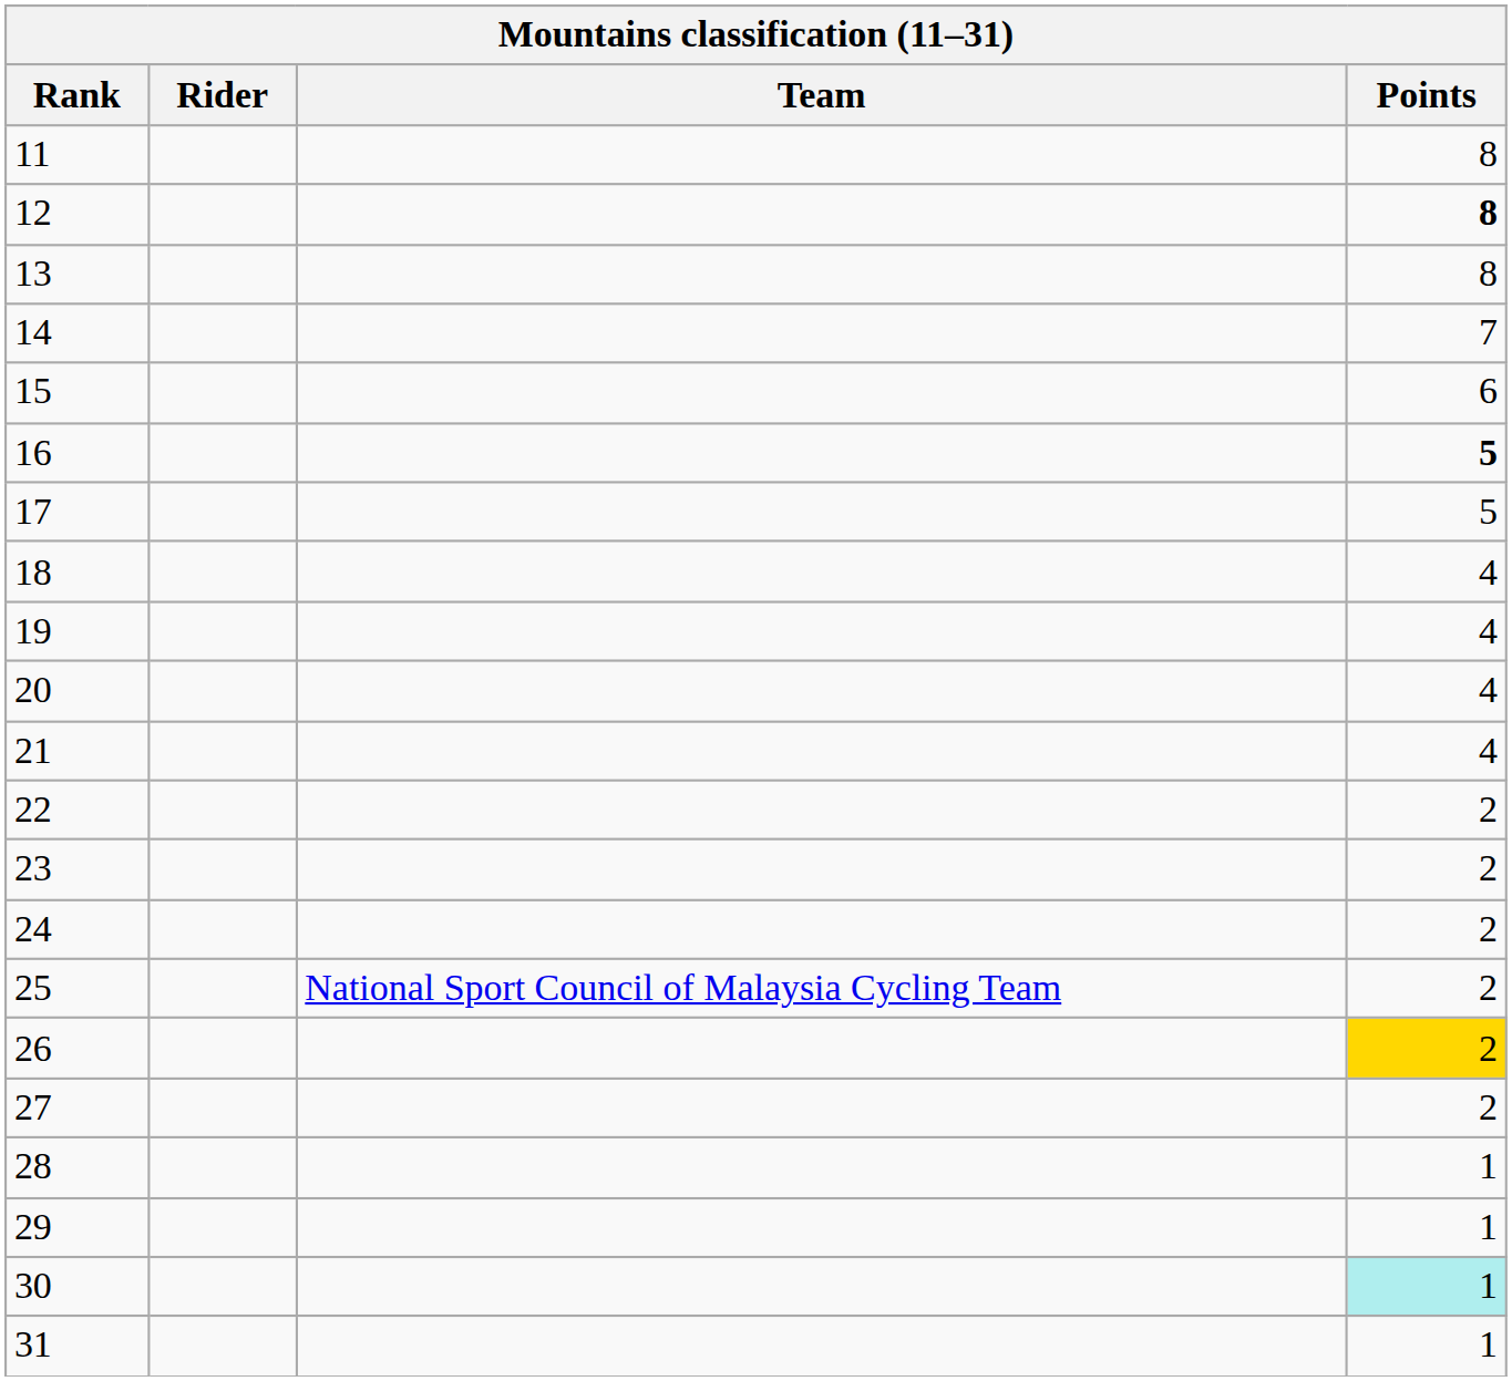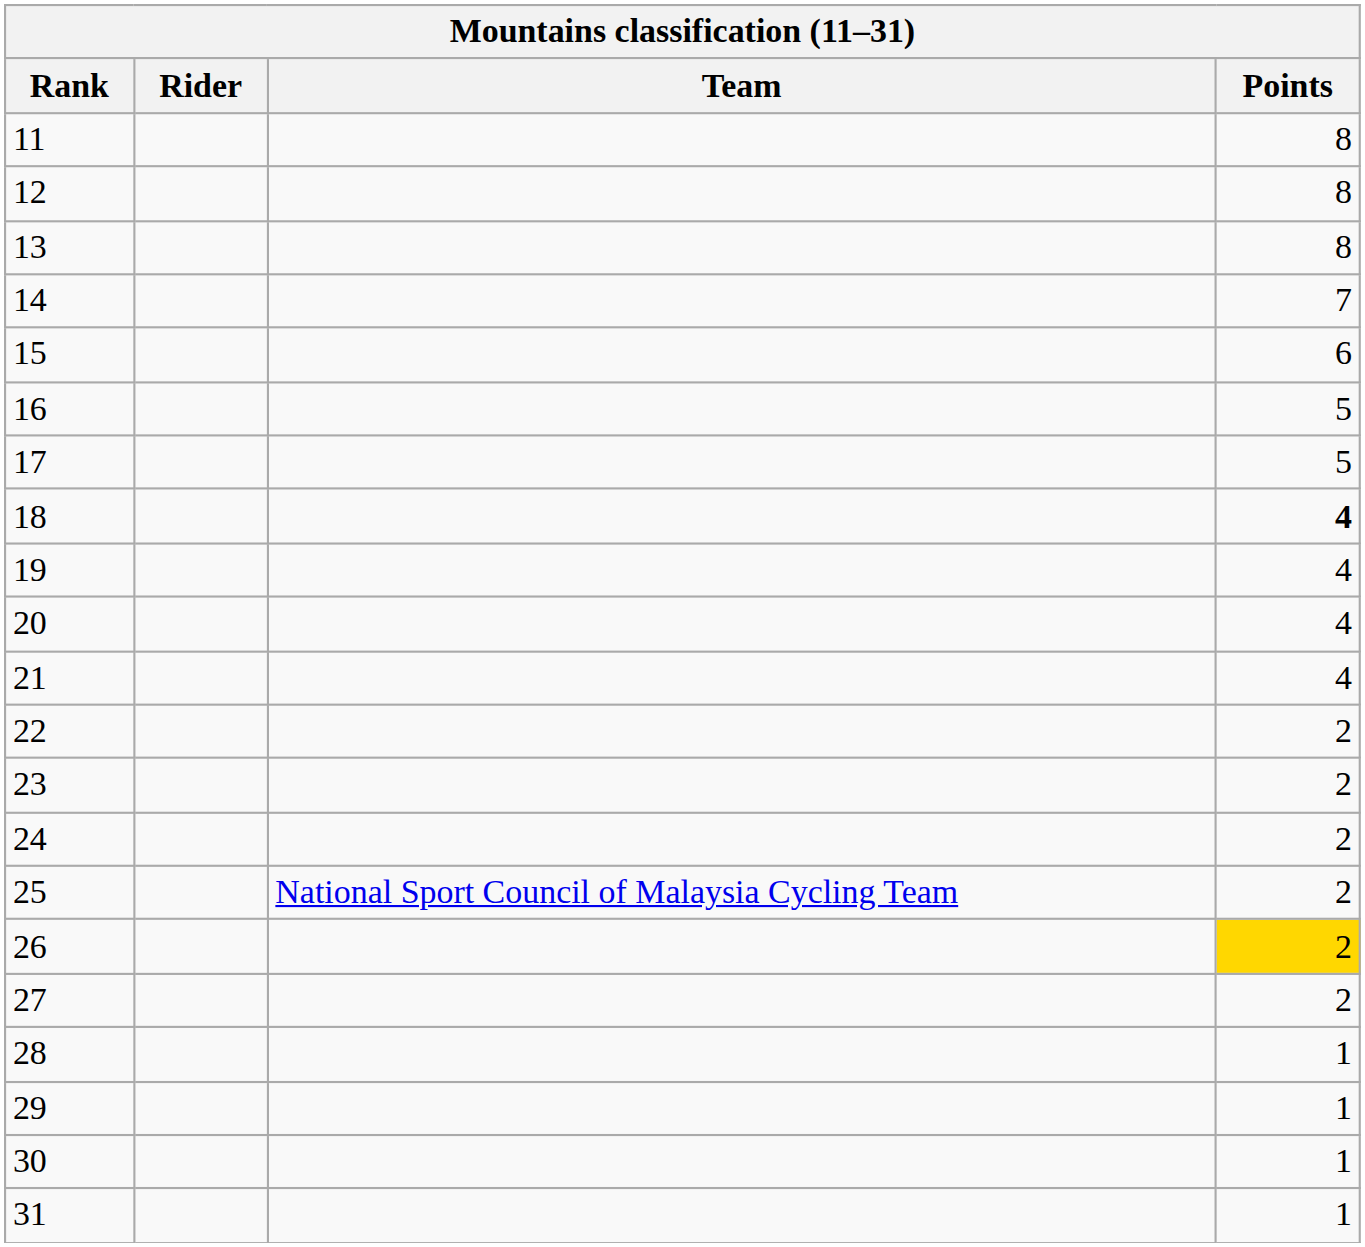 <table class="collapsible collapsed wikitable" style="width:40em;margin-top:0">
 <tr>
 <th colspan=4>Mountains classification (11–31)</th>
 </tr>
 <tr>
 <th>Rank</th>
 <th>Rider</th>
 <th>Team</th>
 <th>Points</th>
 </tr>
 <tr>
 <td>11</td>
 <td></td>
 <td></td>
 <td align="right">8</td>
 </tr>
 <tr>
 <td>12</td>
 <td></td>
 <td></td>
-<td align="right"><strong>8</strong></td>
+<td align="right">8</td>
 </tr>
 <tr>
 <td>13</td>
 <td></td>
 <td></td>
 <td align="right">8</td>
 </tr>
 <tr>
 <td>14</td>
 <td></td>
 <td></td>
 <td align="right">7</td>
 </tr>
 <tr>
 <td>15</td>
 <td></td>
 <td></td>
 <td align="right">6</td>
 </tr>
 <tr>
 <td>16</td>
 <td></td>
 <td></td>
-<td align="right"><strong>5</strong></td>
+<td align="right">5</td>
 </tr>
 <tr>
 <td>17</td>
 <td></td>
 <td></td>
 <td align="right">5</td>
 </tr>
 <tr>
 <td>18</td>
 <td></td>
 <td></td>
-<td align="right">4</td>
+<td align="right"><strong>4</strong></td>
 </tr>
 <tr>
 <td>19</td>
 <td></td>
 <td></td>
 <td align="right">4</td>
 </tr>
 <tr>
 <td>20</td>
 <td></td>
 <td></td>
 <td align="right">4</td>
 </tr>
 <tr>
 <td>21</td>
 <td></td>
 <td></td>
 <td align="right">4</td>
 </tr>
 <tr>
 <td>22</td>
 <td></td>
 <td></td>
 <td align="right">2</td>
 </tr>
 <tr>
 <td>23</td>
 <td></td>
 <td></td>
 <td align="right">2</td>
 </tr>
 <tr>
 <td>24</td>
 <td></td>
 <td></td>
 <td align="right">2</td>
 </tr>
 <tr>
 <td>25</td>
 <td></td>
 <td><a href='#'>National Sport Council of Malaysia Cycling Team</a></td>
 <td align="right">2</td>
 </tr>
 <tr>
 <td>26</td>
 <td></td>
 <td></td>
 <td align="right" style="background: gold;">2</td>
 </tr>
 <tr>
 <td>27</td>
 <td></td>
 <td></td>
 <td align="right">2</td>
 </tr>
 <tr>
 <td>28</td>
 <td></td>
 <td></td>
 <td align="right">1</td>
 </tr>
 <tr>
 <td>29</td>
 <td></td>
 <td></td>
 <td align="right">1</td>
 </tr>
 <tr>
 <td>30</td>
 <td></td>
 <td></td>
-<td align="right" style="background: paleturquoise;">1</td>
+<td align="right">1</td>
 </tr>
 <tr>
 <td>31</td>
 <td></td>
 <td></td>
 <td align="right">1</td>
 </tr>
 </table>
